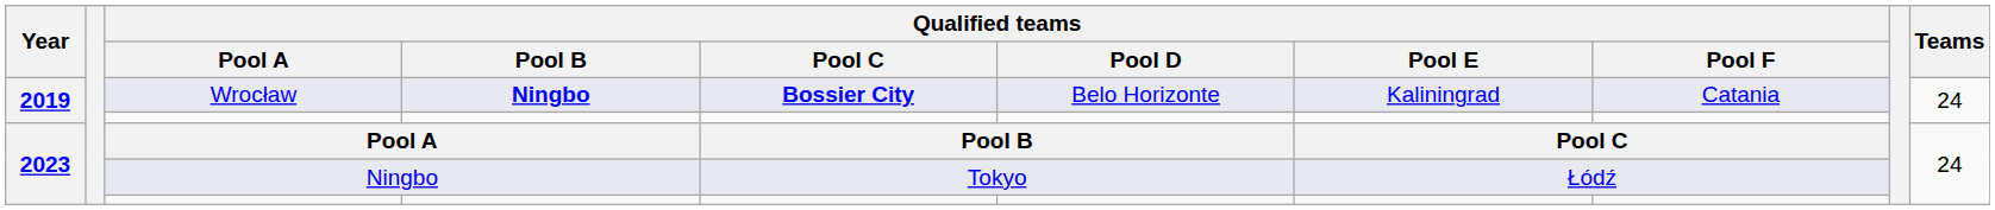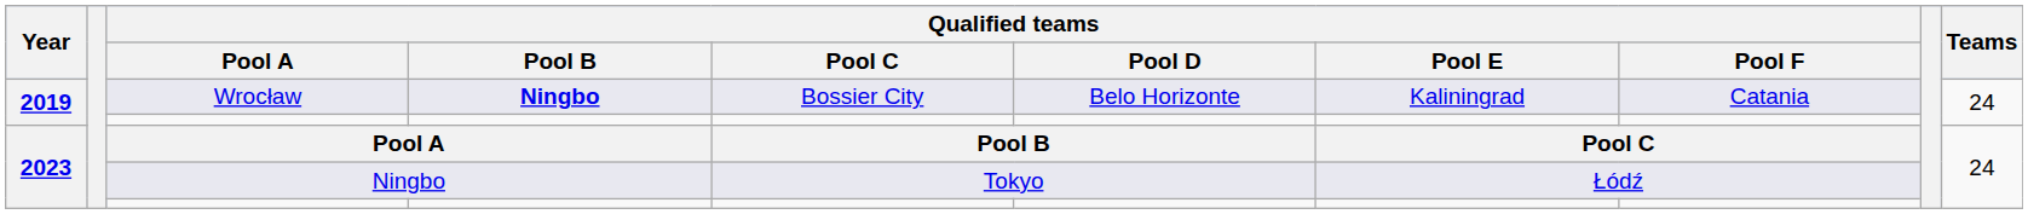 <table class="wikitable" style="font-size:90%; width: 100%; text-align: center;">
 <tr bgcolor=#c1d8ff>
 <th rowspan=2 width=4%>Year</th>
 <th width=1% rowspan=7 bgcolor=ffffff></th>
 <th colspan=6>Qualified teams</th>
 <th width=1% rowspan=7 bgcolor=ffffff></th>
 <th rowspan=2 width=5%>Teams</th>
 </tr>
 <tr>
 <th width=15%>Pool A</th>
 <th width=15%>Pool B</th>
 <th width=15%>Pool C</th>
 <th width=15%>Pool D</th>
 <th width=15%>Pool E</th>
 <th width=15%>Pool F</th>
 </tr>
 <tr>
 <th rowspan=2><a href='#'>2019</a></th>
 <td bgcolor=#E8E8F0> <a href='#'>Wrocław</a></td>
 <td bgcolor=#E8E8F0><strong> <a href='#'>Ningbo</a></strong></td>
-<td bgcolor=#E8E8F0><strong> <a href='#'>Bossier City</a></strong></td>
+<td bgcolor=#E8E8F0> <a href='#'>Bossier City</a></td>
 <td bgcolor=#E8E8F0> <a href='#'>Belo Horizonte</a></td>
 <td bgcolor=#E8E8F0> <a href='#'>Kaliningrad</a></td>
 <td bgcolor=#E8E8F0> <a href='#'>Catania</a></td>
 <td rowspan=2>24</td>
 </tr>
 <tr>
 <td><strong></strong></td>
 <td><strong></strong></td>
 <td><strong></strong></td>
 <td><strong></strong></td>
 <td><strong></strong></td>
 <td><strong></strong></td>
 </tr>
 <tr>
 <th rowspan=3><a href='#'>2023</a></th>
 <th colspan=2>Pool A</th>
 <th colspan=2>Pool B</th>
 <th colspan=2>Pool C</th>
 <td rowspan=3>24</td>
 </tr>
 <tr>
 <td colspan=2 bgcolor=#E8E8F0> <a href='#'>Ningbo</a></td>
 <td colspan=2 bgcolor=#E8E8F0> <a href='#'>Tokyo</a></td>
 <td colspan=2 bgcolor=#E8E8F0> <a href='#'>Łódź</a></td>
 </tr>
 <tr>
 <td><strong></strong></td>
 <td><strong></strong></td>
 <td><strong></strong></td>
 <td><strong></strong></td>
 <td><strong></strong></td>
 <td><strong></strong></td>
 </tr>
 </table>
